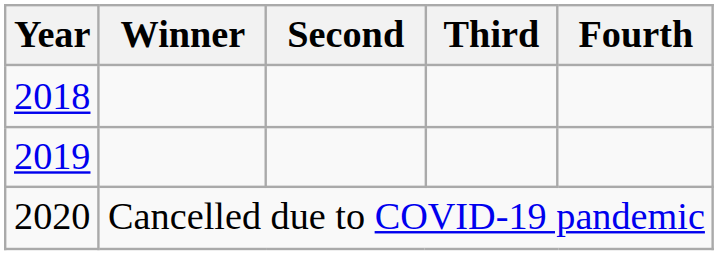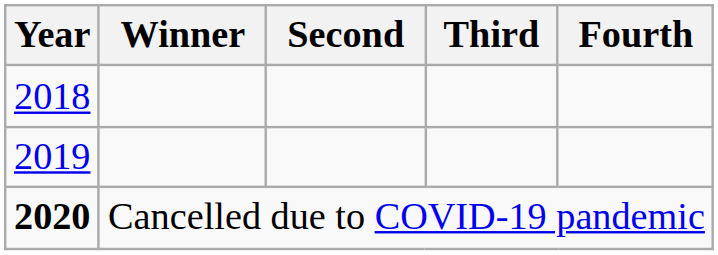 <table class="wikitable" style=text-align:center>
 <tr>
 <th>Year</th>
 <th>Winner</th>
 <th>Second</th>
 <th>Third</th>
 <th>Fourth</th>
 </tr>
 <tr>
 <td><a href='#'>2018</a></td>
 <td></td>
 <td></td>
 <td></td>
 <td></td>
 </tr>
 <tr>
 <td><a href='#'>2019</a></td>
 <td></td>
 <td></td>
 <td></td>
 <td></td>
 </tr>
 <tr>
-<td>2020</td>
+<td><strong>2020</strong></td>
 <td colspan="4">Cancelled due to <a href='#'>COVID-19 pandemic</a></td>
 </tr>
 </table>
